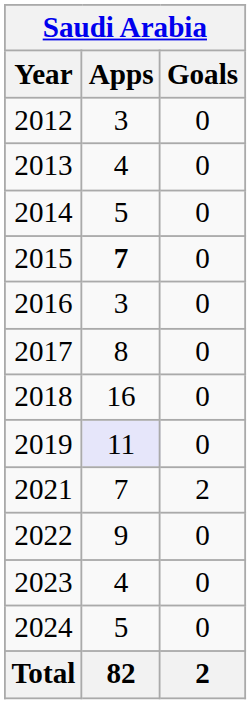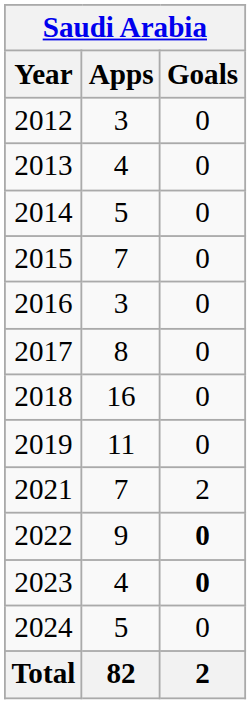 <table class="wikitable" style="text-align:center">
 <tr>
 <th colspan=3><a href='#'>Saudi Arabia</a></th>
 </tr>
 <tr>
 <th>Year</th>
 <th>Apps</th>
 <th>Goals</th>
 </tr>
 <tr>
 <td>2012</td>
 <td>3</td>
 <td>0</td>
 </tr>
 <tr>
 <td>2013</td>
 <td>4</td>
 <td>0</td>
 </tr>
 <tr>
 <td>2014</td>
 <td>5</td>
 <td>0</td>
 </tr>
 <tr>
 <td>2015</td>
-<td><strong>7</strong></td>
+<td>7</td>
 <td>0</td>
 </tr>
 <tr>
 <td>2016</td>
 <td>3</td>
 <td>0</td>
 </tr>
 <tr>
 <td>2017</td>
 <td>8</td>
 <td>0</td>
 </tr>
 <tr>
 <td>2018</td>
 <td>16</td>
 <td>0</td>
 </tr>
 <tr>
 <td>2019</td>
-<td style="background: lavender;">11</td>
+<td>11</td>
 <td>0</td>
 </tr>
 <tr>
 <td>2021</td>
 <td>7</td>
 <td>2</td>
 </tr>
 <tr>
 <td>2022</td>
 <td>9</td>
-<td>0</td>
+<td><strong>0</strong></td>
 </tr>
 <tr>
 <td>2023</td>
 <td>4</td>
-<td>0</td>
+<td><strong>0</strong></td>
 </tr>
 <tr>
 <td>2024</td>
 <td>5</td>
 <td>0</td>
 </tr>
 <tr>
 <th>Total</th>
 <th>82</th>
 <th>2</th>
 </tr>
 </table>
